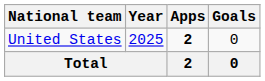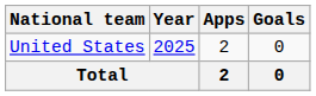 <table class="wikitable" style="text-align:center">
 <tr>
 <th>National team</th>
 <th>Year</th>
 <th>Apps</th>
 <th>Goals</th>
 </tr>
 <tr>
 <td rowspan=1><a href='#'>United States</a></td>
 <td><a href='#'>2025</a></td>
-<td><strong>2</strong></td>
+<td>2</td>
 <td>0</td>
 </tr>
 <tr>
 <th colspan=2>Total</th>
 <th>2</th>
 <th>0</th>
 </tr>
 </table>
